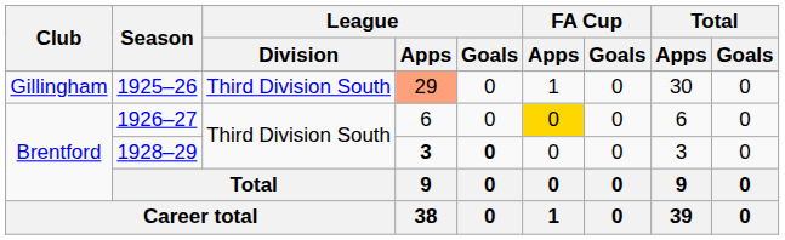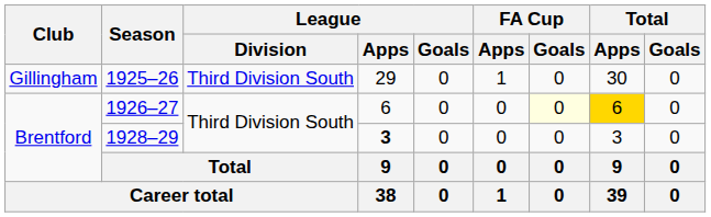 <table class="wikitable" style="text-align: center;">
 <tr>
 <th rowspan="2">Club</th>
 <th rowspan="2">Season</th>
 <th colspan="3">League</th>
 <th colspan="2">FA Cup</th>
 <th colspan="2">Total</th>
 </tr>
 <tr>
 <th>Division</th>
 <th>Apps</th>
 <th>Goals</th>
 <th>Apps</th>
 <th>Goals</th>
 <th>Apps</th>
 <th>Goals</th>
 </tr>
 <tr>
 <td><a href='#'>Gillingham</a></td>
 <td><a href='#'>1925–26</a></td>
 <td><a href='#'>Third Division South</a></td>
-<td style="background: lightsalmon;">29</td>
+<td>29</td>
 <td>0</td>
 <td>1</td>
 <td>0</td>
 <td>30</td>
 <td>0</td>
 </tr>
 <tr>
 <td rowspan="3"><a href='#'>Brentford</a></td>
 <td><a href='#'>1926–27</a></td>
 <td rowspan="2">Third Division South</td>
 <td>6</td>
 <td>0</td>
-<td style="background: gold;">0</td>
 <td>0</td>
-<td>6</td>
+<td style="background: lightyellow;">0</td>
+<td style="background: gold;">6</td>
 <td>0</td>
 </tr>
 <tr>
 <td><a href='#'>1928–29</a></td>
 <td><strong>3</strong></td>
-<td><strong>0</strong></td>
+<td>0</td>
 <td>0</td>
 <td>0</td>
 <td>3</td>
 <td>0</td>
 </tr>
 <tr>
 <th colspan="2">Total</th>
 <th>9</th>
 <th>0</th>
 <th>0</th>
 <th>0</th>
 <th>9</th>
 <th>0</th>
 </tr>
 <tr>
 <th colspan="3">Career total</th>
 <th>38</th>
 <th>0</th>
 <th>1</th>
 <th>0</th>
 <th>39</th>
 <th>0</th>
 </tr>
 </table>
